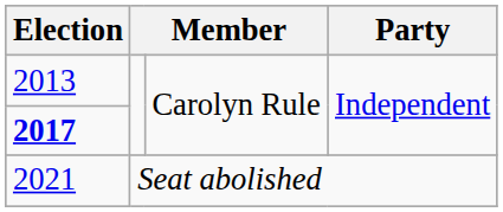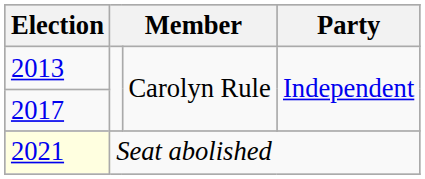 <table class="wikitable">
 <tr>
 <th>Election</th>
 <th colspan="2">Member</th>
 <th>Party</th>
 </tr>
 <tr>
 <td><a href='#'>2013</a></td>
 <td rowspan="2" style="background-color: "></td>
 <td rowspan="2">Carolyn Rule</td>
 <td rowspan="2"><a href='#'>Independent</a></td>
 </tr>
 <tr>
-<td><strong><a href='#'>2017</a></strong></td>
+<td><a href='#'>2017</a></td>
 </tr>
 <tr>
-<td><a href='#'>2021</a></td>
+<td style="background: lightyellow;"><a href='#'>2021</a></td>
 <td colspan="3"><em>Seat abolished</em></td>
 </tr>
 </table>
